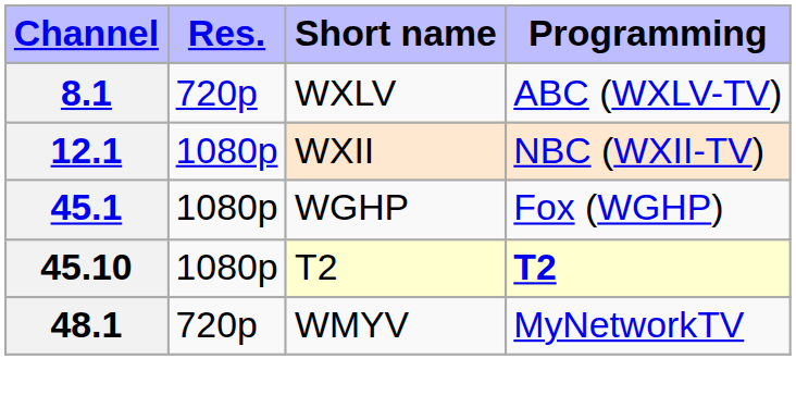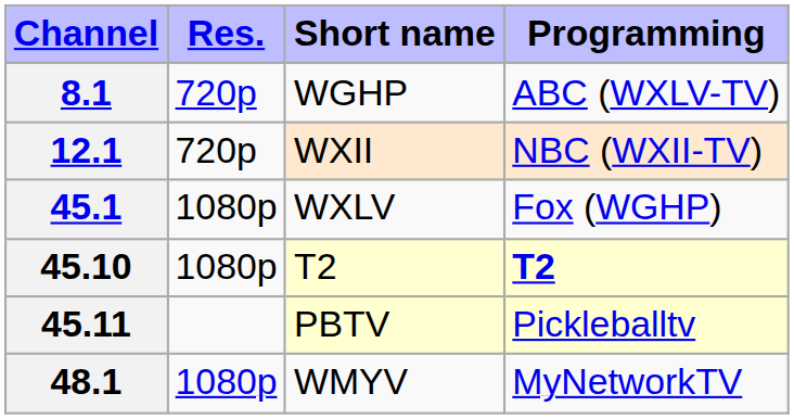 <table class="wikitable">
 <tr>
 <th style="background-color: #bdbdff" scope = "col"><a href='#'>Channel</a></th>
 <th style="background-color: #bdbdff" scope = "col"><a href='#'>Res.</a></th>
 <th style="background-color: #bdbdff" scope = "col">Short name</th>
 <th style="background-color: #bdbdff" scope = "col">Programming</th>
 </tr>
 <tr>
 <th scope = "row"><a href='#'>8.1</a></th>
 <td><a href='#'>720p</a></td>
-<td>WXLV</td>
+<td>WGHP</td>
 <td><a href='#'>ABC</a> (<a href='#'>WXLV-TV</a>)</td>
 </tr>
 <tr>
 <th scope = "row"><a href='#'>12.1</a></th>
-<td><a href='#'>1080p</a></td>
+<td>720p</td>
 <td style="background-color:#ffe8d0">WXII</td>
 <td style="background-color:#ffe8d0"><a href='#'>NBC</a> (<a href='#'>WXII-TV</a>) </td>
 </tr>
 <tr>
 <th scope = "row"><a href='#'>45.1</a></th>
 <td>1080p</td>
-<td>WGHP</td>
+<td>WXLV</td>
 <td><a href='#'>Fox</a> (<a href='#'>WGHP</a>)</td>
 </tr>
 <tr>
 <th scope = "row">45.10</th>
 <td>1080p</td>
 <td style="background-color:#ffffd0">T2</td>
 <td style="background-color:#ffffd0"><strong><a href='#'>T2</a></strong></td>
 </tr>
 <tr>
+<th scope = "row">45.11</th>
+<td></td>
+<td style="background-color:#ffffd0">PBTV</td>
+<td style="background-color:#ffffd0"><a href='#'>Pickleballtv</a></td>
+</tr>
+<tr>
 <th scope = "row">48.1</th>
-<td>720p</td>
+<td><a href='#'>1080p</a></td>
 <td>WMYV</td>
 <td><a href='#'>MyNetworkTV</a></td>
 </tr>
 </table>
